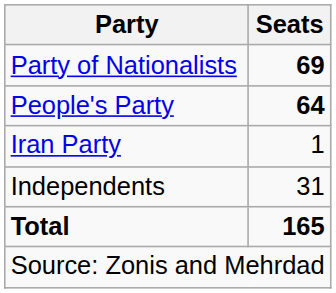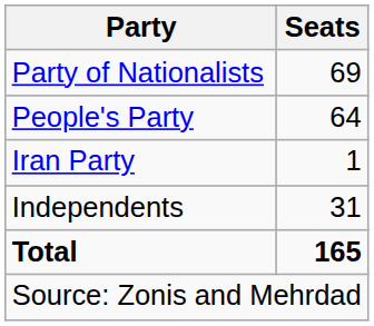 <table class=wikitable style=text-align:right>
 <tr>
 <th>Party</th>
 <th>Seats</th>
 </tr>
 <tr>
 <td align=left><a href='#'>Party of Nationalists</a></td>
-<td><strong>69</strong></td>
+<td>69</td>
 </tr>
 <tr>
 <td align=left><a href='#'>People's Party</a></td>
-<td><strong>64</strong></td>
+<td>64</td>
 </tr>
 <tr>
 <td align=left><a href='#'>Iran Party</a></td>
 <td>1</td>
 </tr>
 <tr>
 <td align=left>Independents</td>
 <td>31</td>
 </tr>
 <tr>
 <td align=left><strong>Total</strong></td>
 <td><strong>165</strong></td>
 </tr>
 <tr>
 <td colspan=3 align=left>Source: Zonis and Mehrdad</td>
 </tr>
 </table>
